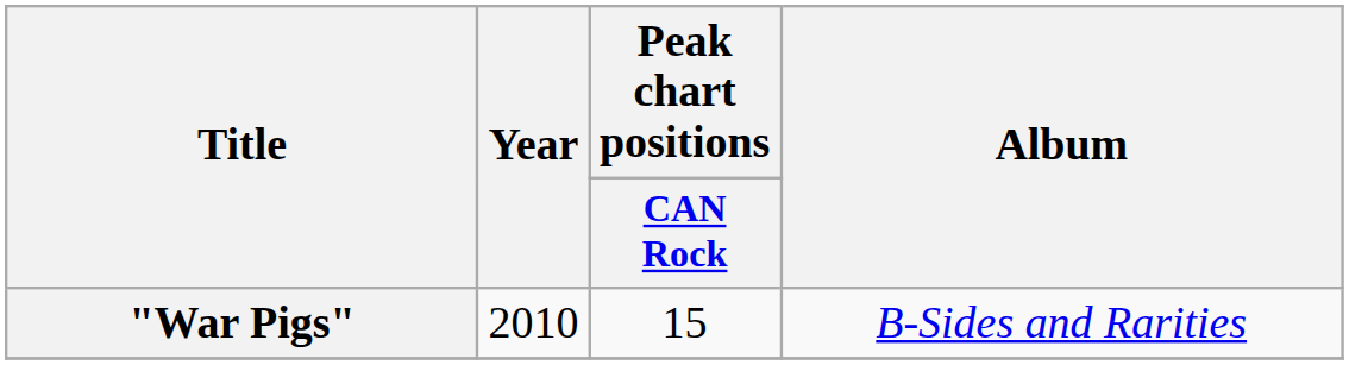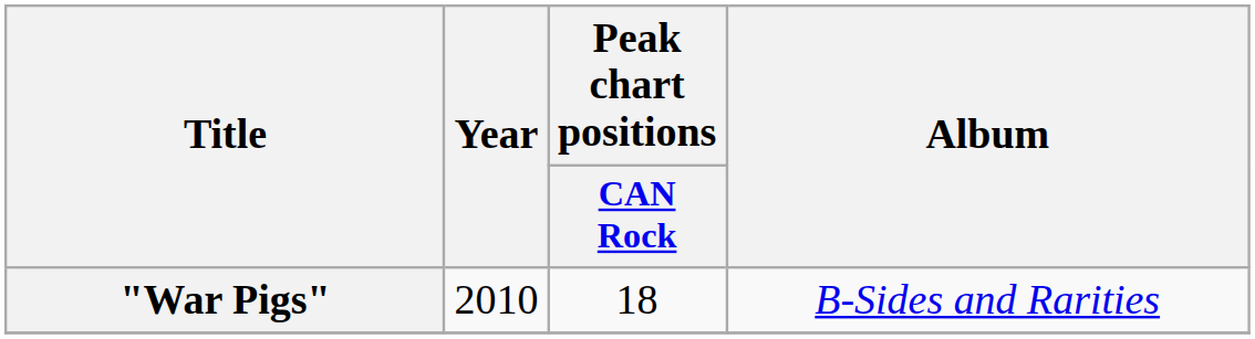 <table class="wikitable plainrowheaders" style="text-align:center;">
 <tr>
 <th scope="col" rowspan="2" style="width:10em;">Title</th>
 <th scope="col" rowspan="2" style="width:2em;">Year</th>
 <th scope="col" colspan="1">Peak chart positions</th>
 <th scope="col" rowspan="2" style="width:12em;">Album</th>
 </tr>
 <tr>
 <th scope="col" style="width:2.5em; font-size:85%;"><a href='#'>CAN<br>Rock</a><br></th>
 </tr>
 <tr>
 <th scope="row">"War Pigs"</th>
 <td>2010</td>
-<td>15</td>
+<td>18</td>
 <td><em><a href='#'>B-Sides and Rarities</a></em></td>
 </tr>
 <tr>
 </tr>
 </table>
